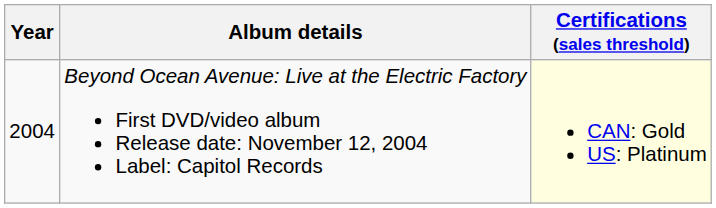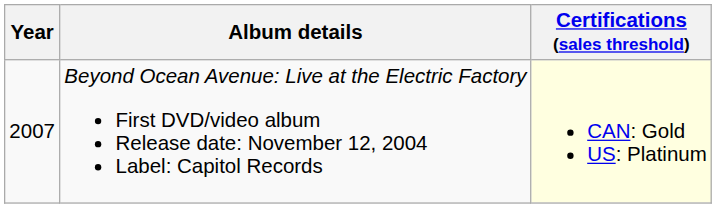 <table class="wikitable" style="text-align:center;">
 <tr>
 <th>Year</th>
 <th>Album details</th>
 <th><a href='#'>Certifications</a><br><small>(<a href='#'>sales threshold</a>)</small></th>
 </tr>
 <tr>
-<td>2004</td>
+<td>2007</td>
 <td style="text-align:left;"><em>Beyond Ocean Avenue: Live at the Electric Factory</em><br><ul><li>First DVD/video album</li><li>Release date: November 12, 2004</li><li>Label: Capitol Records</li></ul></td>
 <td style="background: lightyellow; text-align:left;"><br><ul><li><a href='#'>CAN</a>: Gold</li><li><a href='#'>US</a>: Platinum</li></ul></td>
 </tr>
 </table>
